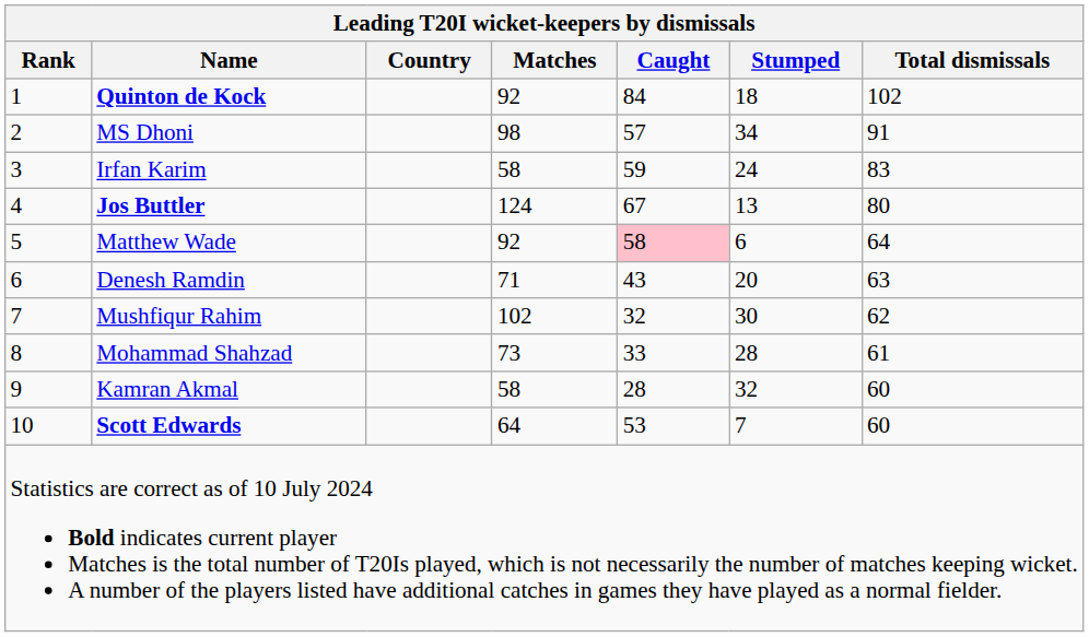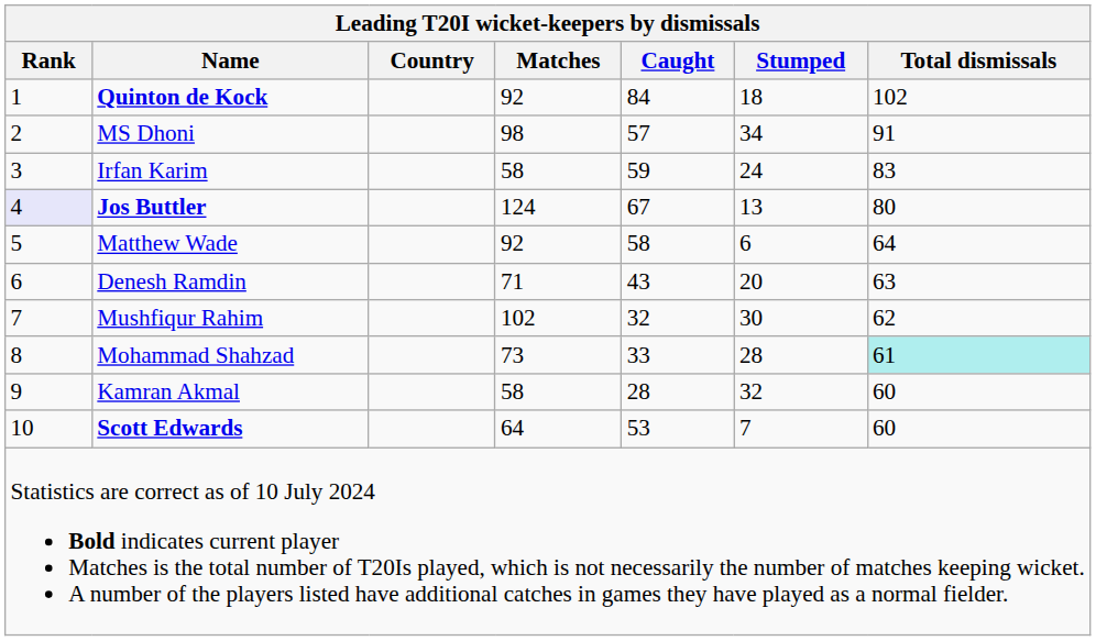 <table class="wikitable">
 <tr>
 <th colspan="7">Leading T20I wicket-keepers by dismissals</th>
 </tr>
 <tr>
 <th>Rank</th>
 <th>Name</th>
 <th>Country</th>
 <th>Matches</th>
 <th><a href='#'>Caught</a></th>
 <th><a href='#'>Stumped</a></th>
 <th>Total dismissals</th>
 </tr>
 <tr>
 <td>1</td>
 <td><strong><a href='#'>Quinton de Kock</a></strong></td>
 <td></td>
 <td>92</td>
 <td>84</td>
 <td>18</td>
 <td>102</td>
 </tr>
 <tr>
 <td>2</td>
 <td><a href='#'>MS Dhoni</a></td>
 <td></td>
 <td>98</td>
 <td>57</td>
 <td>34</td>
 <td>91</td>
 </tr>
 <tr>
 <td>3</td>
 <td><a href='#'>Irfan Karim</a></td>
 <td></td>
 <td>58</td>
 <td>59</td>
 <td>24</td>
 <td>83</td>
 </tr>
 <tr>
-<td>4</td>
+<td style="background: lavender;">4</td>
 <td><strong><a href='#'>Jos Buttler</a></strong></td>
 <td></td>
 <td>124</td>
 <td>67</td>
 <td>13</td>
 <td>80</td>
 </tr>
 <tr>
 <td>5</td>
 <td><a href='#'>Matthew Wade</a></td>
 <td></td>
 <td>92</td>
-<td style="background: pink;">58</td>
+<td>58</td>
 <td>6</td>
 <td>64</td>
 </tr>
 <tr>
 <td>6</td>
 <td><a href='#'>Denesh Ramdin</a></td>
 <td></td>
 <td>71</td>
 <td>43</td>
 <td>20</td>
 <td>63</td>
 </tr>
 <tr>
 <td>7</td>
 <td><a href='#'>Mushfiqur Rahim</a></td>
 <td></td>
 <td>102</td>
 <td>32</td>
 <td>30</td>
 <td>62</td>
 </tr>
 <tr>
 <td>8</td>
 <td><a href='#'>Mohammad Shahzad</a></td>
 <td></td>
 <td>73</td>
 <td>33</td>
 <td>28</td>
-<td>61</td>
+<td style="background: paleturquoise;">61</td>
 </tr>
 <tr>
 <td>9</td>
 <td><a href='#'>Kamran Akmal</a></td>
 <td></td>
 <td>58</td>
 <td>28</td>
 <td>32</td>
 <td>60</td>
 </tr>
 <tr>
 <td>10</td>
 <td><strong><a href='#'>Scott Edwards</a></strong></td>
 <td></td>
 <td>64</td>
 <td>53</td>
 <td>7</td>
 <td>60</td>
 </tr>
 <tr>
 <td colspan=7><br>Statistics are correct as of 10 July 2024<ul><li><strong>Bold</strong> indicates current player</li><li>Matches is the total number of T20Is played, which is not necessarily the number of matches keeping wicket.</li><li>A number of the players listed have additional catches in games they have played as a normal fielder.</li></ul></td>
 </tr>
 </table>
